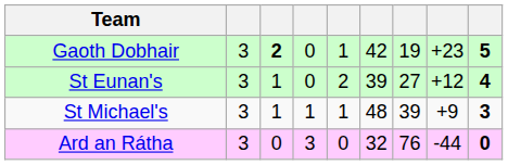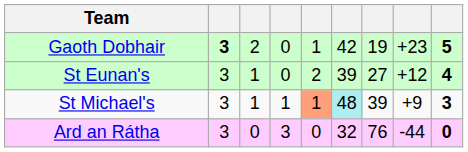 <table class="wikitable" style="text-align:center">
 <tr>
 <th style="width:175px;">Team</th>
 <th width="20"></th>
 <th width="20"></th>
 <th width="20"></th>
 <th width="20"></th>
 <th width="20"></th>
 <th width="20"></th>
 <th width="20"></th>
 <th width="20"></th>
 </tr>
 <tr style="background:#cfc;">
 <td><a href='#'>Gaoth Dobhair</a></td>
-<td>3</td>
-<td><strong>2</strong></td>
+<td><strong>3</strong></td>
+<td>2</td>
 <td>0</td>
 <td>1</td>
 <td>42</td>
 <td>19</td>
 <td>+23</td>
 <td><strong>5</strong></td>
 </tr>
 <tr style="background:#cfc;">
 <td><a href='#'>St Eunan's</a></td>
 <td>3</td>
 <td>1</td>
 <td>0</td>
 <td>2</td>
 <td>39</td>
 <td>27</td>
 <td>+12</td>
 <td><strong>4</strong></td>
 </tr>
 <tr>
 <td><a href='#'>St Michael's</a></td>
 <td>3</td>
 <td>1</td>
 <td>1</td>
-<td>1</td>
-<td>48</td>
+<td style="background: lightsalmon;">1</td>
+<td style="background: paleturquoise;">48</td>
 <td>39</td>
 <td>+9</td>
 <td><strong>3</strong></td>
 </tr>
 <tr style="background:#fcf;">
 <td><a href='#'>Ard an Rátha</a></td>
 <td>3</td>
 <td>0</td>
 <td>3</td>
 <td>0</td>
 <td>32</td>
 <td>76</td>
 <td>-44</td>
 <td><strong>0</strong></td>
 </tr>
 </table>
